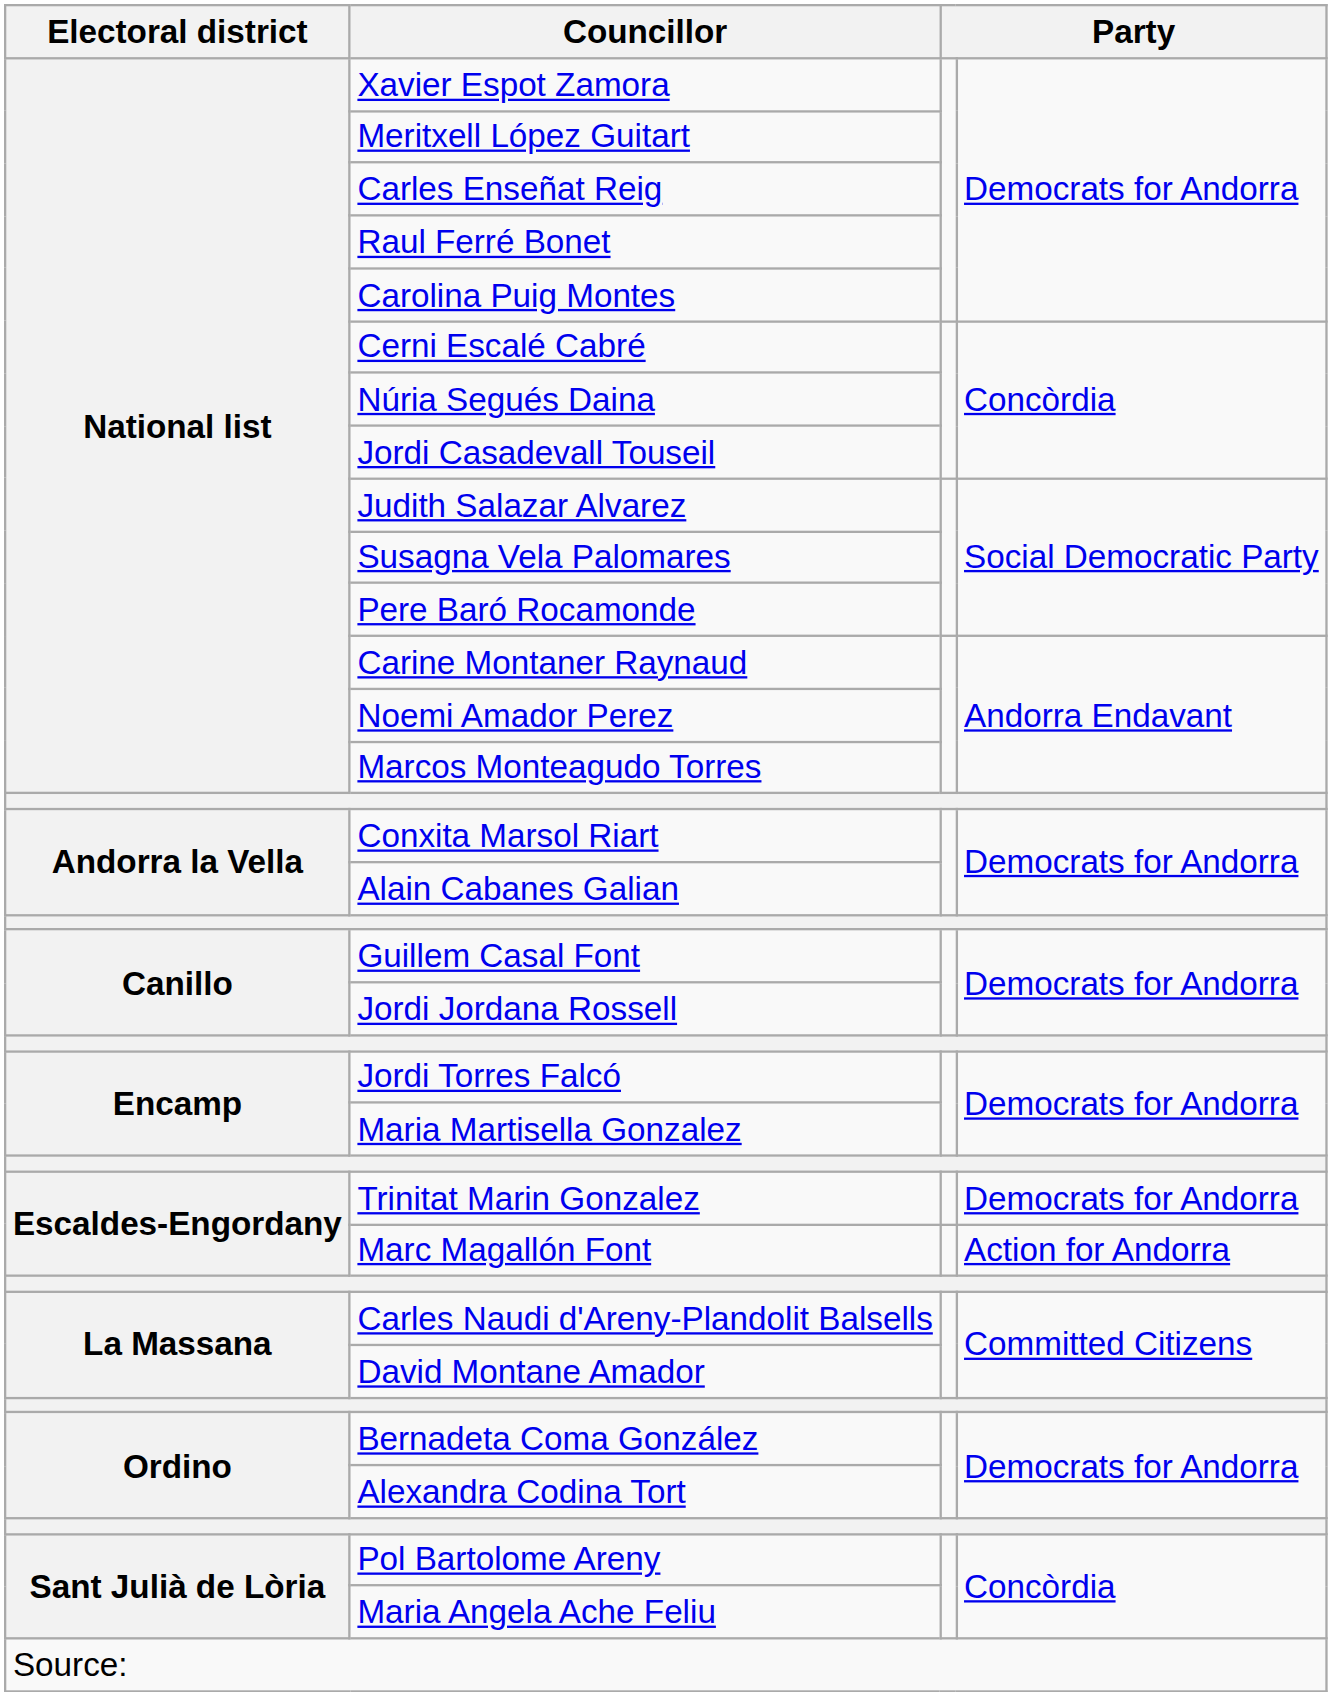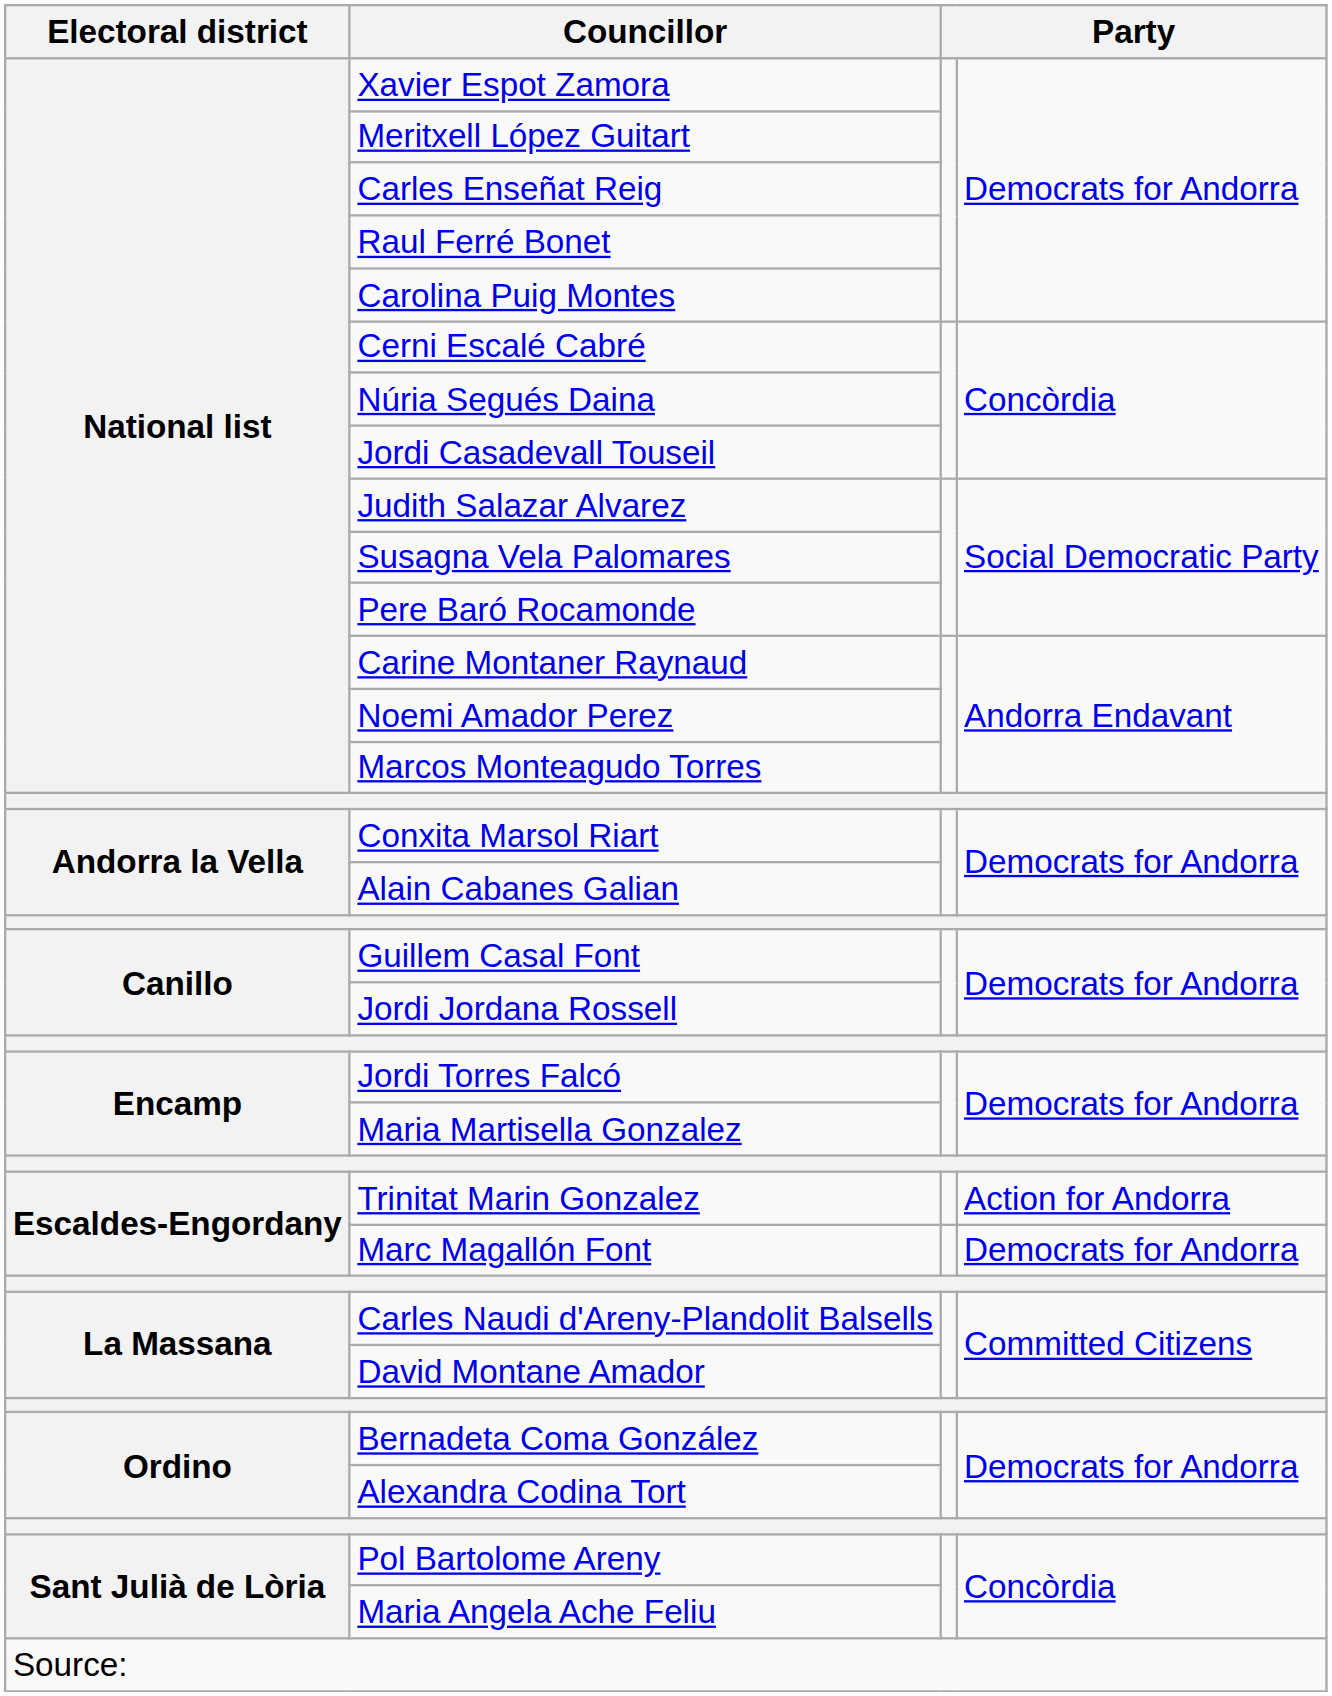 <table class="wikitable sortable" style="font-size:90%;">
 <tr>
 <th>Electoral district</th>
 <th>Councillor</th>
 <th colspan="2">Party</th>
 </tr>
 <tr>
 <th rowspan=14>National list</th>
 <td><a href='#'>Xavier Espot Zamora</a></td>
 <td rowspan=5 style="background:"></td>
 <td rowspan=5><a href='#'>Democrats for Andorra</a></td>
 </tr>
 <tr>
 <td><a href='#'>Meritxell López Guitart</a></td>
 </tr>
 <tr>
 <td><a href='#'>Carles Enseñat Reig</a></td>
 </tr>
 <tr>
 <td><a href='#'>Raul Ferré Bonet</a></td>
 </tr>
 <tr>
 <td><a href='#'>Carolina Puig Montes</a></td>
 </tr>
 <tr>
 <td><a href='#'>Cerni Escalé Cabré</a></td>
 <td rowspan=3 style="background:"></td>
 <td rowspan=3><a href='#'>Concòrdia</a></td>
 </tr>
 <tr>
 <td><a href='#'>Núria Segués Daina</a></td>
 </tr>
 <tr>
 <td><a href='#'>Jordi Casadevall Touseil</a></td>
 </tr>
 <tr>
 <td><a href='#'>Judith Salazar Alvarez</a></td>
 <td rowspan=3 style="background:"></td>
 <td rowspan=3><a href='#'>Social Democratic Party</a></td>
 </tr>
 <tr>
 <td><a href='#'>Susagna Vela Palomares</a></td>
 </tr>
 <tr>
 <td><a href='#'>Pere Baró Rocamonde</a></td>
 </tr>
 <tr>
 <td><a href='#'>Carine Montaner Raynaud</a></td>
 <td rowspan=3 style="background:"></td>
 <td rowspan=3><a href='#'>Andorra Endavant</a></td>
 </tr>
 <tr>
 <td><a href='#'>Noemi Amador Perez</a></td>
 </tr>
 <tr>
 <td><a href='#'>Marcos Monteagudo Torres</a></td>
 </tr>
 <tr>
 <th colspan=6></th>
 </tr>
 <tr>
 <th rowspan=2>Andorra la Vella</th>
 <td><a href='#'>Conxita Marsol Riart</a></td>
 <td rowspan=2 style="background:"></td>
 <td rowspan=2><a href='#'>Democrats for Andorra</a></td>
 </tr>
 <tr>
 <td><a href='#'>Alain Cabanes Galian</a></td>
 </tr>
 <tr>
 <th colspan=6></th>
 </tr>
 <tr>
 <th rowspan=2>Canillo</th>
 <td><a href='#'>Guillem Casal Font</a></td>
 <td rowspan=2 style="background:"></td>
 <td rowspan=2><a href='#'>Democrats for Andorra</a></td>
 </tr>
 <tr>
 <td><a href='#'>Jordi Jordana Rossell</a></td>
 </tr>
 <tr>
 <th colspan=6></th>
 </tr>
 <tr>
 <th rowspan=2>Encamp</th>
 <td><a href='#'>Jordi Torres Falcó</a></td>
 <td rowspan=2 style="background:"></td>
 <td rowspan=2><a href='#'>Democrats for Andorra</a></td>
 </tr>
 <tr>
 <td><a href='#'>Maria Martisella Gonzalez</a></td>
 </tr>
 <tr>
 <th colspan=6></th>
 </tr>
 <tr>
 <th rowspan=2>Escaldes-Engordany</th>
 <td><a href='#'>Trinitat Marin Gonzalez</a></td>
 <td style="background:"></td>
-<td><a href='#'>Democrats for Andorra</a></td>
+<td><a href='#'>Action for Andorra</a></td>
 </tr>
 <tr>
 <td><a href='#'>Marc Magallón Font</a></td>
 <td style="background:"></td>
-<td><a href='#'>Action for Andorra</a></td>
+<td><a href='#'>Democrats for Andorra</a></td>
 </tr>
 <tr>
 <th colspan=6></th>
 </tr>
 <tr>
 <th rowspan=2>La Massana</th>
 <td><a href='#'>Carles Naudi d'Areny-Plandolit Balsells</a></td>
 <td rowspan=2 style="background:"></td>
 <td rowspan=2><a href='#'>Committed Citizens</a></td>
 </tr>
 <tr>
 <td><a href='#'>David Montane Amador</a></td>
 </tr>
 <tr>
 <th colspan=6></th>
 </tr>
 <tr>
 <th rowspan=2>Ordino</th>
 <td><a href='#'>Bernadeta Coma González</a></td>
 <td rowspan=2 style="background:"></td>
 <td rowspan=2><a href='#'>Democrats for Andorra</a></td>
 </tr>
 <tr>
 <td><a href='#'>Alexandra Codina Tort</a></td>
 </tr>
 <tr>
 <th colspan=6></th>
 </tr>
 <tr>
 <th rowspan=2>Sant Julià de Lòria</th>
 <td><a href='#'>Pol Bartolome Areny</a></td>
 <td rowspan=2 style="background:"></td>
 <td rowspan=2><a href='#'>Concòrdia</a></td>
 </tr>
 <tr>
 <td><a href='#'>Maria Angela Ache Feliu</a></td>
 </tr>
 <tr>
 <td colspan=5>Source: </td>
 </tr>
 </table>
